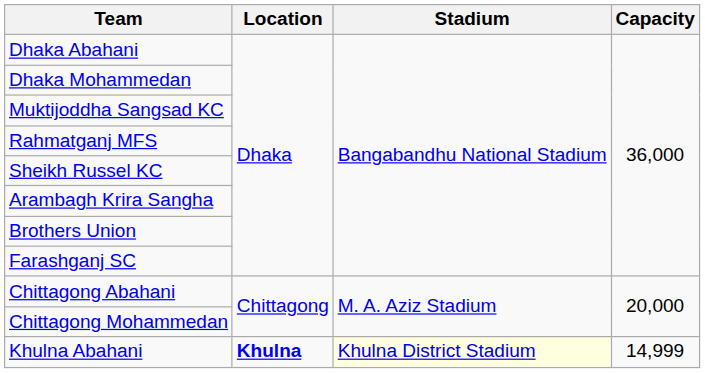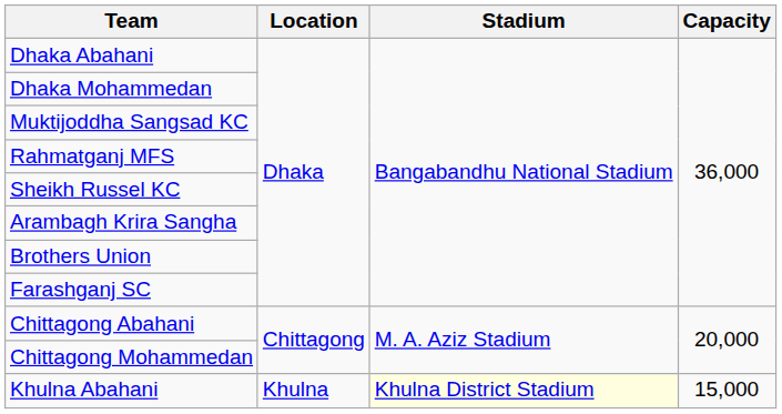 <table class="wikitable sortable">
 <tr>
 <th>Team</th>
 <th>Location</th>
 <th>Stadium</th>
 <th>Capacity</th>
 </tr>
 <tr>
 <td><a href='#'>Dhaka Abahani</a></td>
 <td rowspan=8><a href='#'>Dhaka</a></td>
 <td rowspan=8><a href='#'>Bangabandhu National Stadium</a></td>
 <td rowspan=8  style="text-align:center;">36,000</td>
 </tr>
 <tr>
 <td><a href='#'>Dhaka Mohammedan</a></td>
 </tr>
 <tr>
 <td><a href='#'>Muktijoddha Sangsad KC</a></td>
 </tr>
 <tr>
 <td><a href='#'>Rahmatganj MFS</a></td>
 </tr>
 <tr>
 <td><a href='#'>Sheikh Russel KC</a></td>
 </tr>
 <tr>
 <td><a href='#'>Arambagh Krira Sangha</a></td>
 </tr>
 <tr>
 <td><a href='#'>Brothers Union</a></td>
 </tr>
 <tr>
 <td><a href='#'>Farashganj SC</a></td>
 </tr>
 <tr>
 <td><a href='#'>Chittagong Abahani</a></td>
 <td rowspan=2><a href='#'>Chittagong</a></td>
 <td rowspan=2><a href='#'>M. A. Aziz Stadium</a></td>
 <td rowspan=2 style="text-align:center;">20,000</td>
 </tr>
 <tr>
 <td><a href='#'>Chittagong Mohammedan</a></td>
 </tr>
 <tr>
 <td><a href='#'>Khulna Abahani</a></td>
-<td><strong><a href='#'>Khulna</a></strong></td>
+<td><a href='#'>Khulna</a></td>
 <td style="background: lightyellow;"><a href='#'>Khulna District Stadium</a></td>
-<td style="text-align:center;">14,999</td>
+<td style="text-align:center;">15,000</td>
 </tr>
 </table>
